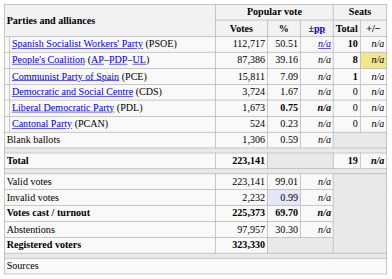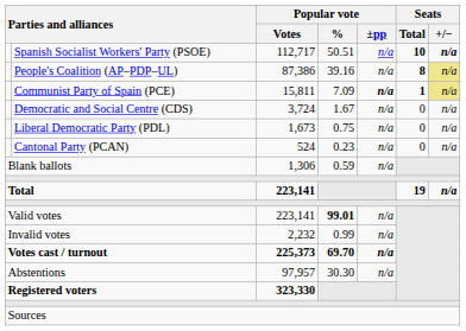 <table class="wikitable" style="text-align:right;">
 <tr>
 <th style="text-align:left;" rowspan="2" colspan="2" width="525">Parties and alliances</th>
 <th colspan="3">Popular vote</th>
 <th colspan="2">Seats</th>
 </tr>
 <tr>
 <th width="75">Votes</th>
 <th width="45">%</th>
 <th width="45">±<a href='#'>pp</a></th>
 <th width="35">Total</th>
 <th width="35">+/−</th>
 </tr>
 <tr>
 <td width="1" style="color:inherit;background:"></td>
 <td align="left"><a href='#'>Spanish Socialist Workers' Party</a> (PSOE)</td>
 <td>112,717</td>
 <td>50.51</td>
 <td><em><a href='#'>n/a</a></em></td>
 <td><strong>10</strong></td>
-<td><em>n/a</em></td>
+<td><strong><em>n/a</em></strong></td>
 </tr>
 <tr>
 <td style="color:inherit;background:"></td>
 <td align="left"><a href='#'>People's Coalition</a> (<a href='#'>AP</a>–<a href='#'>PDP</a>–<a href='#'>UL</a>)</td>
 <td>87,386</td>
 <td>39.16</td>
 <td><em>n/a</em></td>
 <td><strong>8</strong></td>
 <td style="background: khaki;"><em>n/a</em></td>
 </tr>
 <tr>
 <td style="color:inherit;background:"></td>
 <td align="left"><a href='#'>Communist Party of Spain</a> (PCE)</td>
 <td>15,811</td>
 <td>7.09</td>
-<td><em>n/a</em></td>
+<td><strong><em>n/a</em></strong></td>
 <td><strong>1</strong></td>
-<td><em>n/a</em></td>
+<td style="background: khaki;"><em>n/a</em></td>
 </tr>
 <tr>
 <td style="color:inherit;background:"></td>
 <td align="left"><a href='#'>Democratic and Social Centre</a> (CDS)</td>
 <td>3,724</td>
 <td>1.67</td>
 <td><em>n/a</em></td>
 <td>0</td>
 <td><em>n/a</em></td>
 </tr>
 <tr>
 <td style="color:inherit;background:"></td>
 <td align="left"><a href='#'>Liberal Democratic Party</a> (PDL)</td>
 <td>1,673</td>
-<td><strong>0.75</strong></td>
-<td><strong><em>n/a</em></strong></td>
+<td>0.75</td>
+<td><em>n/a</em></td>
 <td>0</td>
 <td><em>n/a</em></td>
 </tr>
 <tr>
 <td style="color:inherit;background:"></td>
 <td align="left"><a href='#'>Cantonal Party</a> (PCAN)</td>
 <td>524</td>
 <td>0.23</td>
 <td><em>n/a</em></td>
 <td>0</td>
 <td><em>n/a</em></td>
 </tr>
 <tr>
 <td align="left" colspan="2">Blank ballots</td>
 <td>1,306</td>
 <td>0.59</td>
 <td><em>n/a</em></td>
 <td bgcolor="#E9E9E9" colspan="2"></td>
 </tr>
 <tr>
 <td colspan="7" bgcolor="#E9E9E9"></td>
 </tr>
 <tr style="font-weight:bold;">
 <td align="left" colspan="2">Total</td>
 <td>223,141</td>
 <td bgcolor="#E9E9E9" colspan="2"></td>
 <td>19</td>
 <td><em>n/a</em></td>
 </tr>
 <tr>
 <td colspan="7" bgcolor="#E9E9E9"></td>
 </tr>
 <tr>
 <td align="left" colspan="2">Valid votes</td>
 <td>223,141</td>
-<td>99.01</td>
+<td><strong>99.01</strong></td>
 <td><em>n/a</em></td>
 <td bgcolor="#E9E9E9" colspan="2" rowspan="5"></td>
 </tr>
 <tr>
 <td align="left" colspan="2">Invalid votes</td>
 <td>2,232</td>
-<td style="background: lavender;">0.99</td>
+<td>0.99</td>
 <td><em>n/a</em></td>
 </tr>
 <tr style="font-weight:bold;">
 <td align="left" colspan="2">Votes cast / turnout</td>
 <td>225,373</td>
 <td>69.70</td>
 <td><em>n/a</em></td>
 </tr>
 <tr>
 <td align="left" colspan="2">Abstentions</td>
 <td>97,957</td>
 <td>30.30</td>
 <td><em>n/a</em></td>
 </tr>
 <tr style="font-weight:bold;">
 <td align="left" colspan="2">Registered voters</td>
 <td>323,330</td>
 <td bgcolor="#E9E9E9" colspan="2"></td>
 </tr>
 <tr>
 <td colspan="7" bgcolor="#E9E9E9"></td>
 </tr>
 <tr>
 <td align="left" colspan="7">Sources</td>
 </tr>
 </table>
